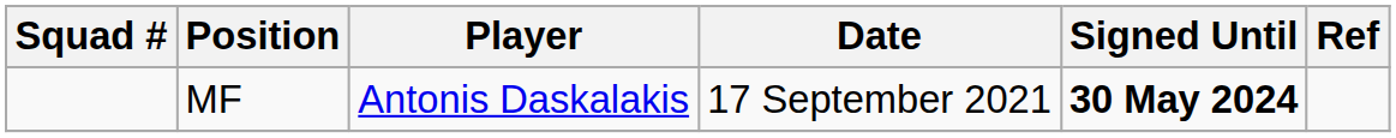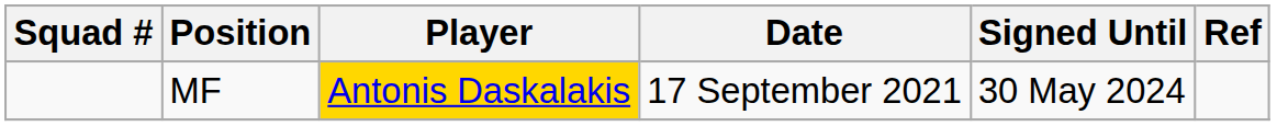 <table class="wikitable sortable">
 <tr>
 <th>Squad #</th>
 <th>Position</th>
 <th>Player</th>
 <th>Date</th>
 <th>Signed Until</th>
 <th>Ref</th>
 </tr>
 <tr>
 <td></td>
 <td>MF</td>
-<td> <a href='#'>Antonis Daskalakis</a></td>
+<td style="background: gold;"> <a href='#'>Antonis Daskalakis</a></td>
 <td>17 September 2021</td>
-<td><strong>30 May 2024</strong></td>
+<td>30 May 2024</td>
 <td></td>
 </tr>
 <tr>
 </tr>
 </table>
